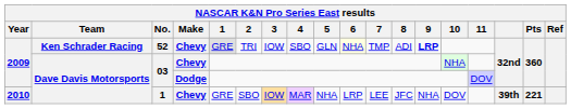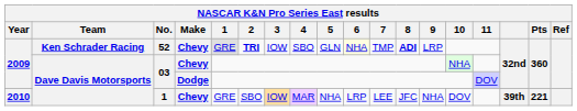 <table class="wikitable" style="text-align:center; font-size:75%">
 <tr>
 <th colspan=18><a href='#'>NASCAR K&N Pro Series East</a> results</th>
 </tr>
 <tr>
 <th>Year</th>
 <th>Team</th>
 <th>No.</th>
 <th>Make</th>
 <th>1</th>
 <th>2</th>
 <th>3</th>
 <th>4</th>
 <th>5</th>
 <th>6</th>
 <th>7</th>
 <th>8</th>
 <th>9</th>
 <th>10</th>
 <th>11</th>
 <th></th>
 <th>Pts</th>
 <th>Ref</th>
 </tr>
 <tr>
 <th rowspan=3><a href='#'>2009</a></th>
 <th><a href='#'>Ken Schrader Racing</a></th>
 <th>52</th>
 <th><a href='#'>Chevy</a></th>
 <td style="background:#DFDFDF;"><a href='#'>GRE</a><br></td>
-<td><a href='#'>TRI</a></td>
+<td><strong><a href='#'>TRI</a></strong></td>
 <td><a href='#'>IOW</a></td>
 <td><a href='#'>SBO</a></td>
 <td><a href='#'>GLN</a></td>
 <td style="background: lightyellow;"><a href='#'>NHA</a></td>
 <td><a href='#'>TMP</a></td>
-<td><a href='#'>ADI</a></td>
-<td><strong><a href='#'>LRP</a></strong></td>
+<td><strong><a href='#'>ADI</a></strong></td>
+<td><a href='#'>LRP</a></td>
 <td colspan=2></td>
 <th rowspan=3>32nd</th>
 <th rowspan=3>360</th>
 <th rowspan=3></th>
 </tr>
 <tr>
 <th rowspan=3><a href='#'>Dave Davis Motorsports</a></th>
 <th rowspan=2>03</th>
 <th><a href='#'>Chevy</a></th>
 <td colspan=9></td>
 <td style="background:#DFFFDF;"><a href='#'>NHA</a><br></td>
 <td></td>
 </tr>
 <tr>
 <th><a href='#'>Dodge</a></th>
 <td colspan=10></td>
 <td style="background:#CFCFFF;"><a href='#'>DOV</a><br></td>
 </tr>
 <tr>
 <th><a href='#'>2010</a></th>
 <th>1</th>
 <th><a href='#'>Chevy</a></th>
 <td><a href='#'>GRE</a></td>
 <td><a href='#'>SBO</a></td>
 <td style="background:#FFDF9F;"><a href='#'>IOW</a><br></td>
 <td style="background:#EFCFFF;"><a href='#'>MAR</a><br></td>
 <td><a href='#'>NHA</a></td>
 <td><a href='#'>LRP</a></td>
 <td><a href='#'>LEE</a></td>
 <td><a href='#'>JFC</a></td>
 <td><a href='#'>NHA</a></td>
 <td><a href='#'>DOV</a></td>
 <td></td>
 <th>39th</th>
 <th>221</th>
 <th></th>
 </tr>
 </table>
